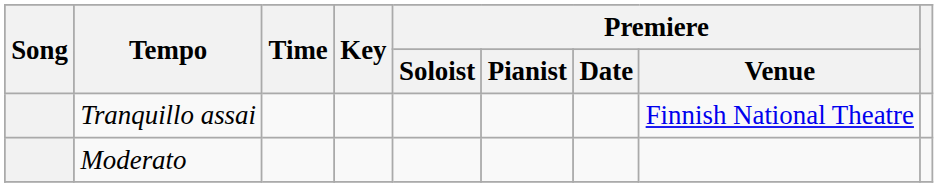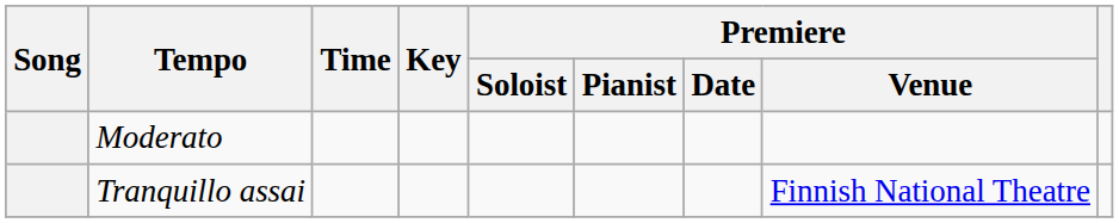 <table class="wikitable" style="margin-right:0; font-size:95%">
 <tr>
 <th rowspan=2 scope="col">Song</th>
 <th rowspan=2 scope="col">Tempo</th>
 <th rowspan=2 scope="col">Time</th>
 <th rowspan=2 scope="col">Key</th>
 <th colspan=4 scope="col">Premiere</th>
 <th rowspan=2 scope="col"></th>
 </tr>
 <tr>
 <th scope="col">Soloist</th>
 <th scope="col">Pianist</th>
 <th scope="col">Date</th>
 <th scope="col">Venue</th>
 </tr>
 <tr>
 <th scope="row"></th>
+<td><em>Moderato</em></td>
+<td></td>
+<td></td>
+<td></td>
+<td></td>
+<td></td>
+<td></td>
+<td></td>
+</tr>
+<tr>
+<th scope="row"></th>
 <td><em>Tranquillo assai</em></td>
 <td></td>
 <td></td>
 <td></td>
 <td></td>
 <td></td>
 <td><a href='#'>Finnish National Theatre</a></td>
 <td></td>
 </tr>
-<tr>
-<th scope="row"></th>
-<td><em>Moderato</em></td>
-<td></td>
-<td></td>
-<td></td>
-<td></td>
-<td></td>
-<td></td>
-<td></td>
-</tr>
 </table>
